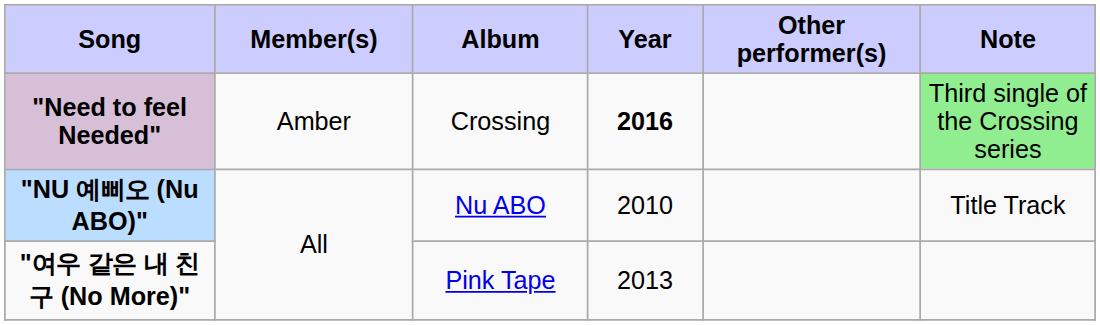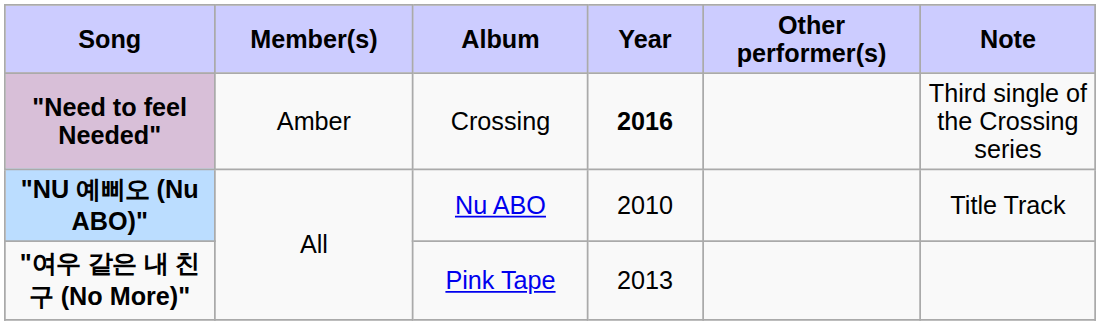 <table class="wikitable" style="margin:0.5em auto; clear:both; font-size:.9em; text-align:center; width:100%">
 <tr>
 <th width="500" style="background: #CCCCFF;">Song</th>
 <th width="350" style="background: #CCCCFF;">Member(s)</th>
 <th width="350" style="background: #CCCCFF;">Album</th>
 <th width="250" style="background: #CCCCFF;">Year</th>
 <th width="350" style="background: #CCCCFF;">Other performer(s)</th>
 <th width="350" style="background: #CCCCFF;">Note</th>
 </tr>
 <tr>
 <td style="background-color:#D8BFD8"><strong>"Need to feel Needed"</strong></td>
 <td>Amber</td>
 <td>Crossing</td>
 <td><strong>2016</strong></td>
 <td></td>
-<td style="background: lightgreen;">Third single of the Crossing series</td>
+<td>Third single of the Crossing series</td>
 </tr>
 <tr>
 <td style="background-color:#bbddff"><strong>"NU 예삐오 (Nu ABO)"</strong></td>
 <td rowspan="2">All</td>
 <td><a href='#'>Nu ABO</a></td>
 <td>2010</td>
 <td></td>
 <td>Title Track</td>
 </tr>
 <tr>
 <td><strong>"여우 같은 내 친구 (No More)"</strong></td>
 <td><a href='#'>Pink Tape</a></td>
 <td>2013</td>
 <td></td>
 <td></td>
 </tr>
 </table>
